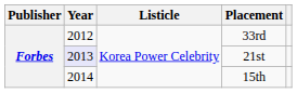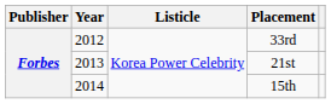 <table class="wikitable plainrowheaders sortable" style="margin-right: 0;">
 <tr>
 <th scope="col">Publisher</th>
 <th scope="col">Year</th>
 <th scope="col">Listicle</th>
 <th scope="col">Placement</th>
 <th scope="col" class="unsortable"></th>
 </tr>
 <tr>
 <th scope="row" rowspan="3"><em><a href='#'>Forbes</a></em></th>
 <td>2012</td>
 <td rowspan="3"><a href='#'>Korea Power Celebrity</a></td>
 <td style="text-align:center;">33rd</td>
 <td style="text-align:center;"></td>
 </tr>
 <tr>
-<td style="background: lavender;">2013</td>
+<td>2013</td>
 <td style="text-align:center;">21st</td>
 <td style="text-align:center;"></td>
 </tr>
 <tr>
 <td>2014</td>
 <td style="text-align:center;">15th</td>
 <td style="text-align:center;"></td>
 </tr>
 </table>
